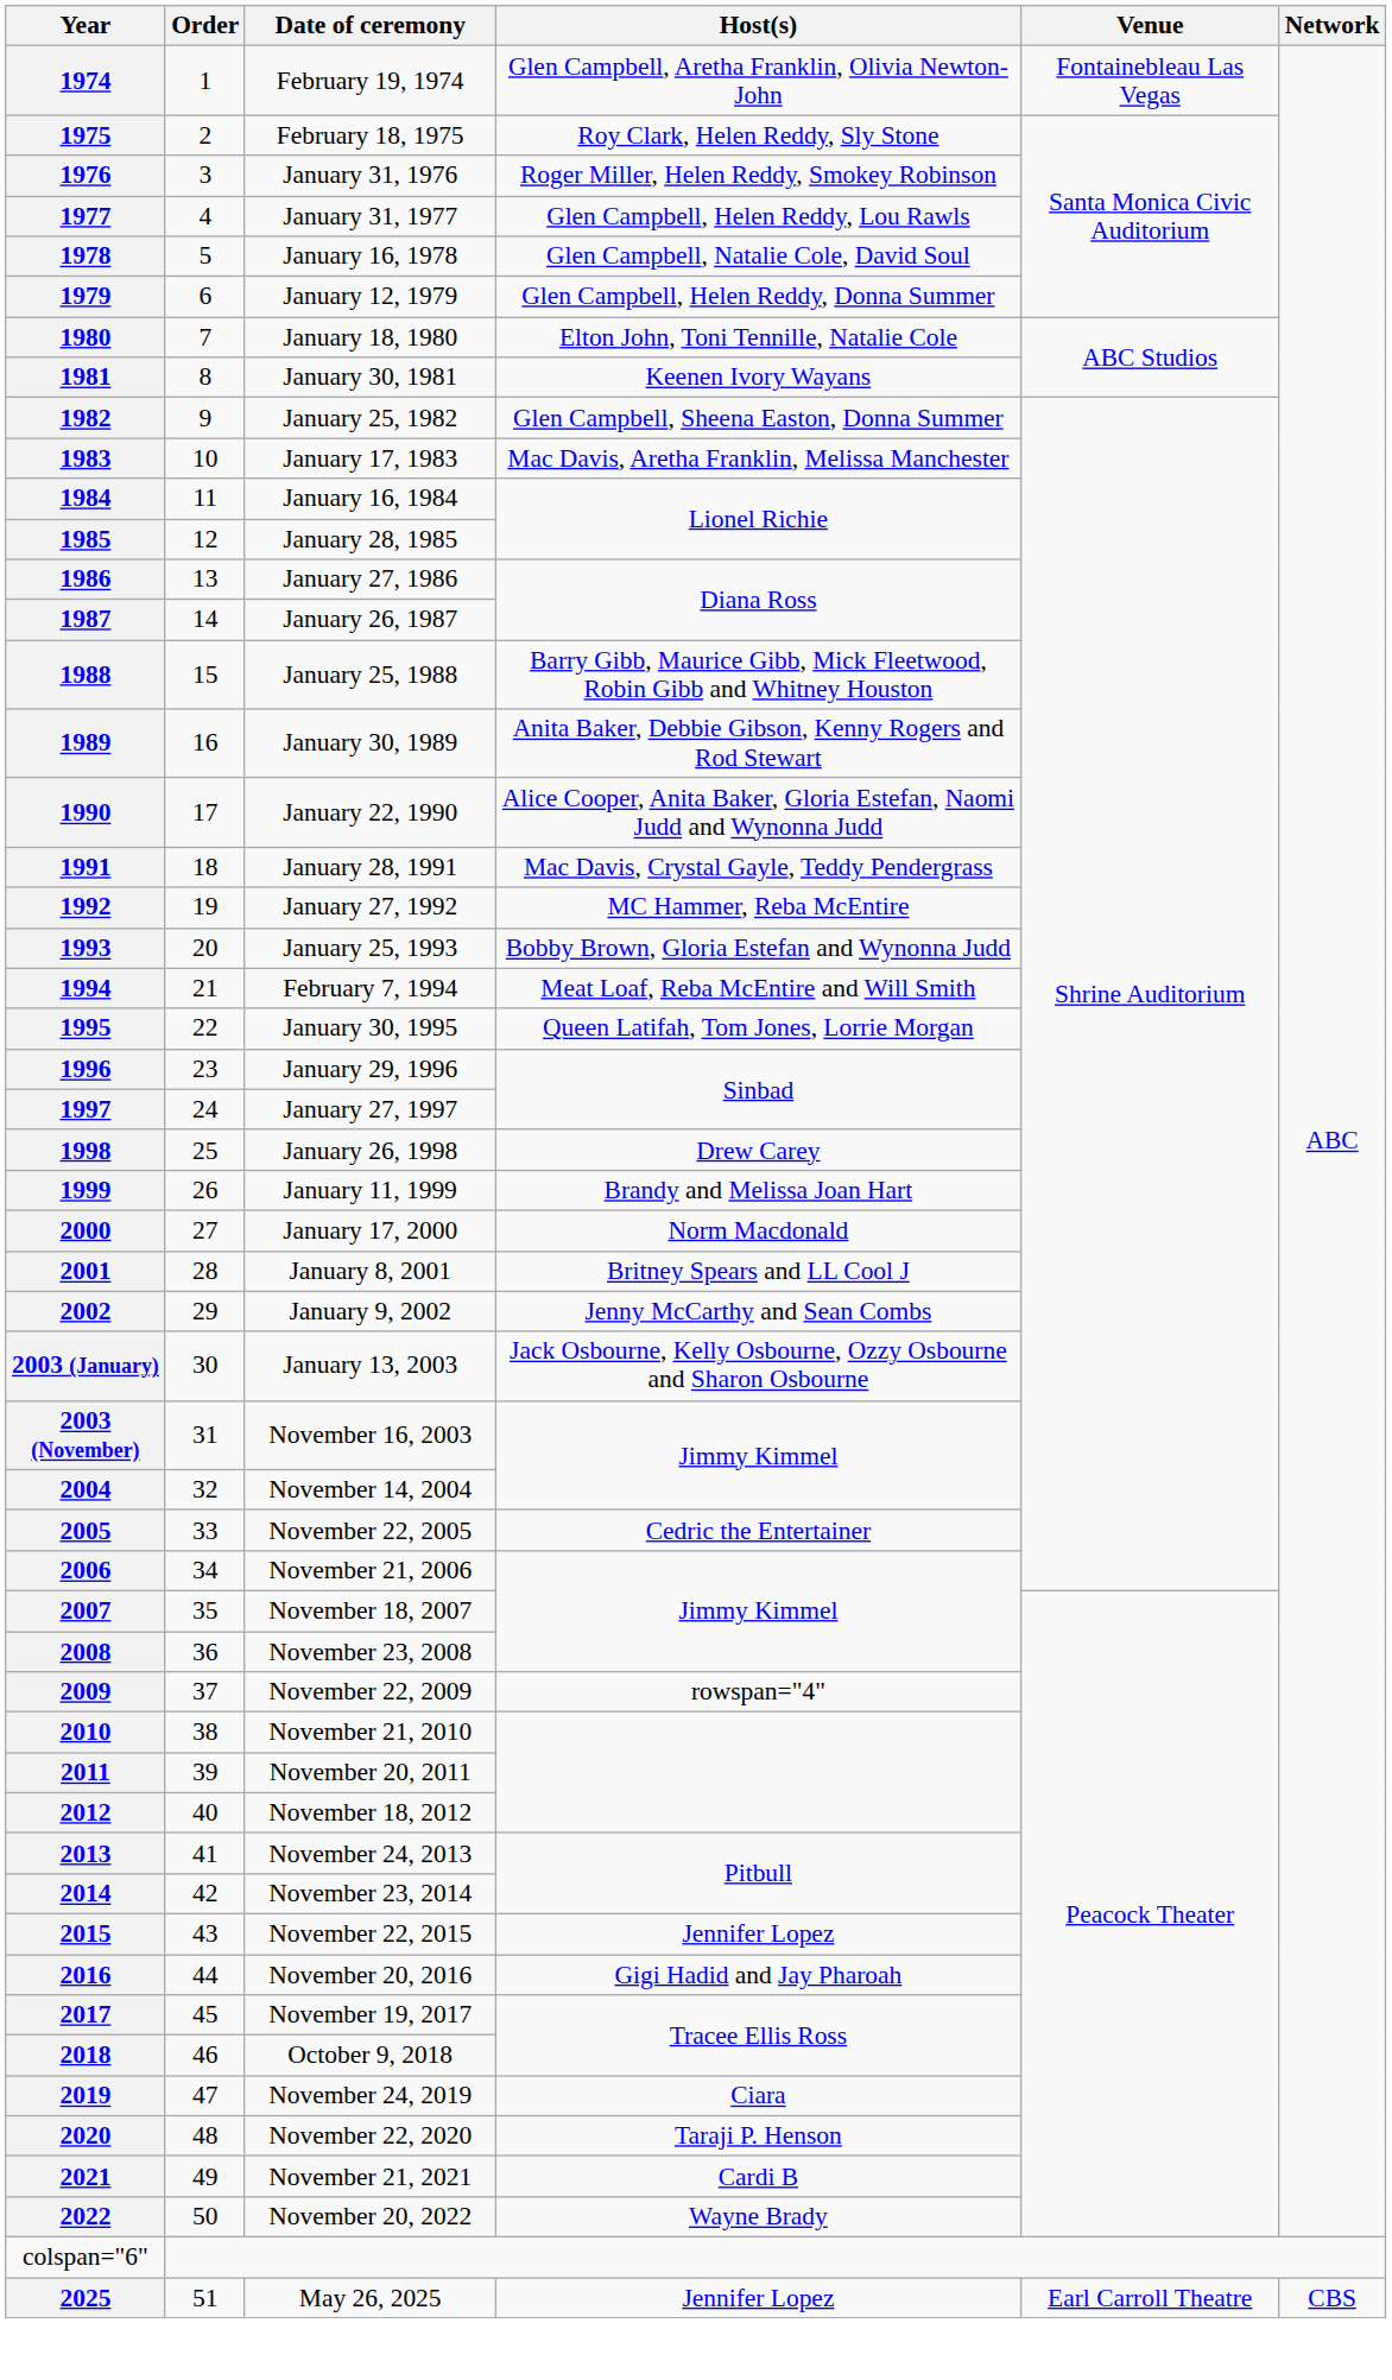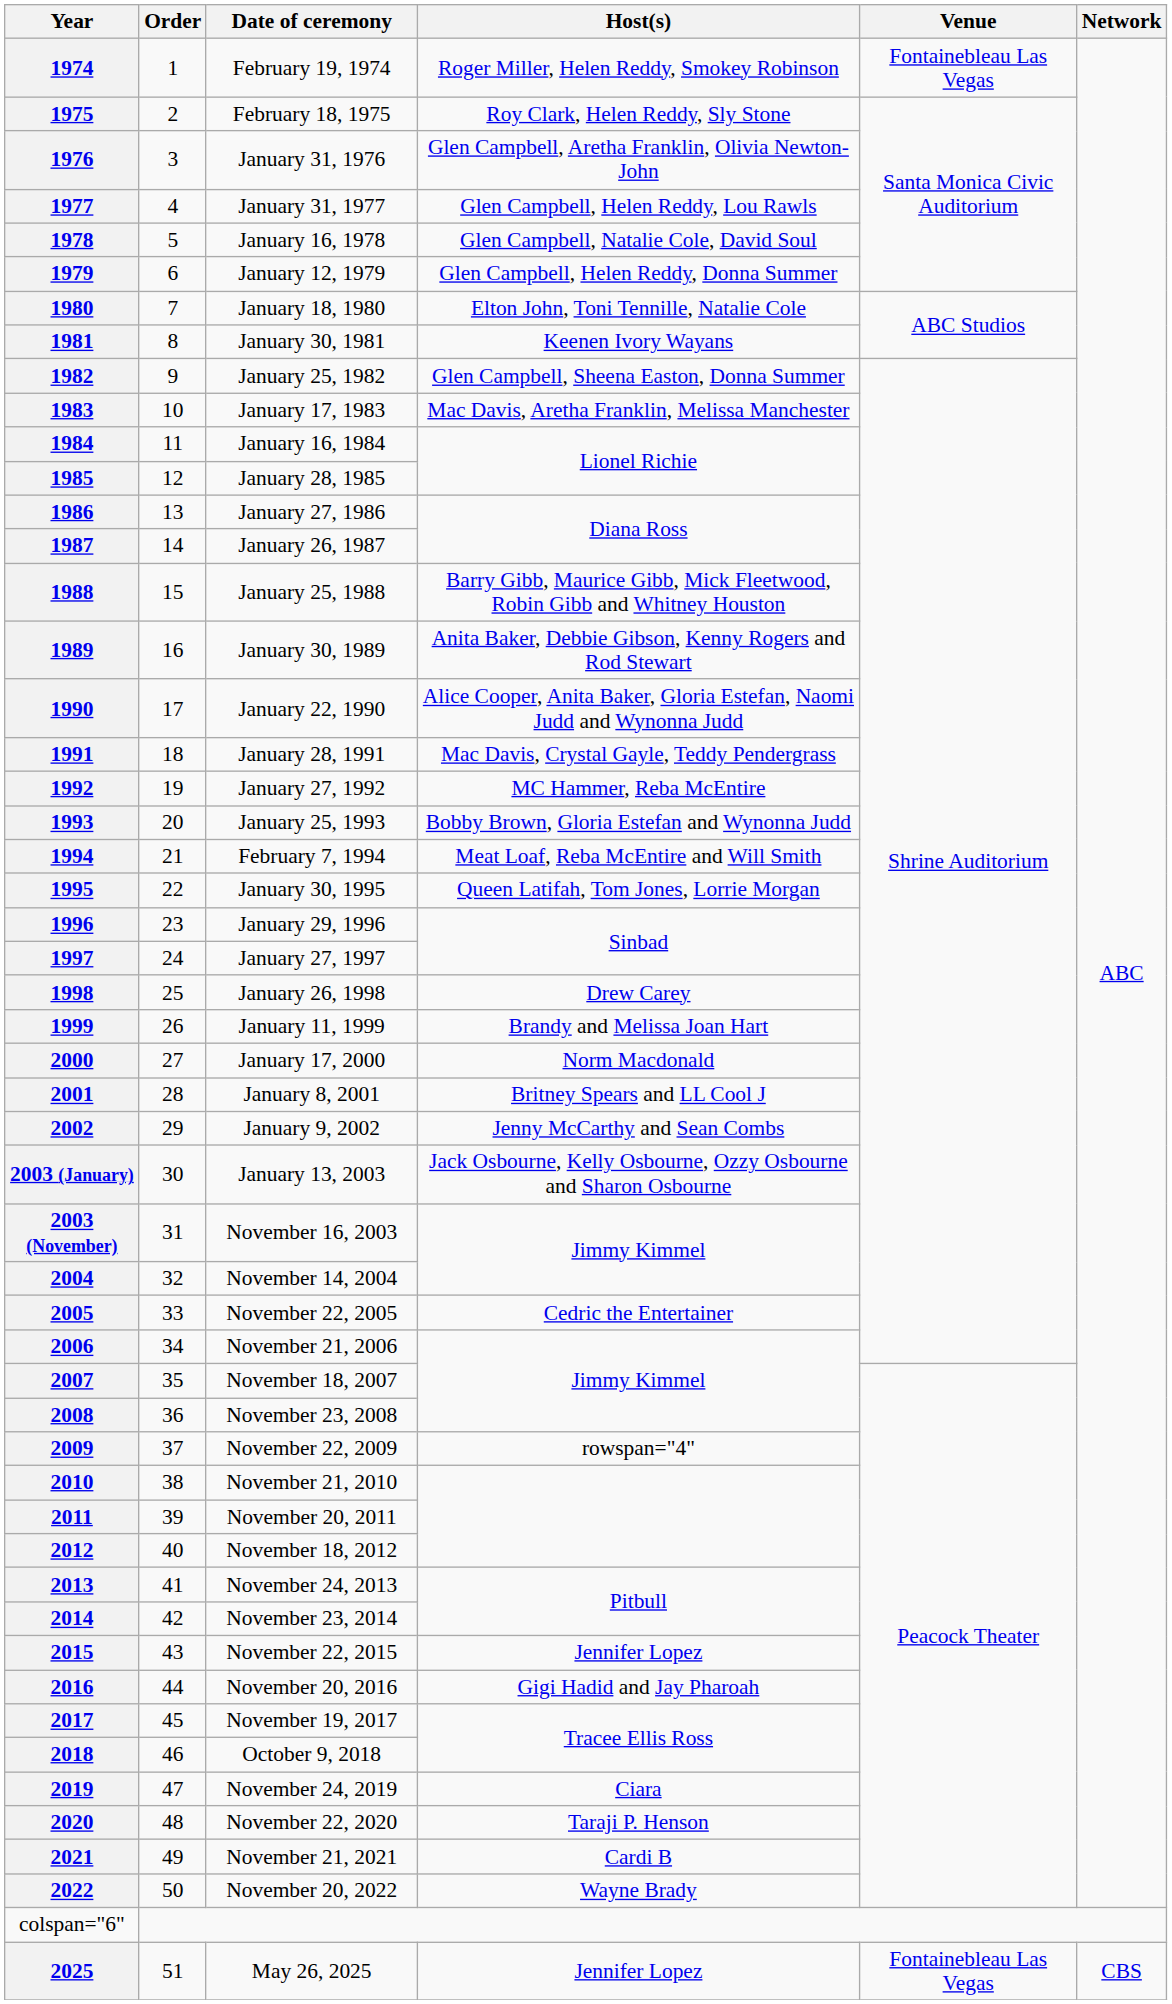 <table class="wikitable plainrowheaders" style="text-align:center">
 <tr>
 <th>Year</th>
 <th>Order</th>
 <th width="150">Date of ceremony</th>
 <th>Host(s)</th>
 <th>Venue</th>
 <th>Network</th>
 </tr>
 <tr>
 <th scope="row" style="text-align:center;"><a href='#'>1974</a></th>
 <td>1</td>
 <td>February 19, 1974</td>
-<td><a href='#'>Glen Campbell</a>, <a href='#'>Aretha Franklin</a>, <a href='#'>Olivia Newton-John</a></td>
+<td><a href='#'>Roger Miller</a>, <a href='#'>Helen Reddy</a>, <a href='#'>Smokey Robinson</a></td>
 <td><a href='#'>Fontainebleau Las Vegas</a></td>
 <td rowspan="50"><a href='#'>ABC</a></td>
 </tr>
 <tr>
 <th scope="row" style="text-align:center;"><a href='#'>1975</a></th>
 <td>2</td>
 <td>February 18, 1975</td>
 <td><a href='#'>Roy Clark</a>, <a href='#'>Helen Reddy</a>, <a href='#'>Sly Stone</a></td>
 <td rowspan="5"><a href='#'>Santa Monica Civic Auditorium</a></td>
 </tr>
 <tr>
 <th scope="row" style="text-align:center;"><a href='#'>1976</a></th>
 <td>3</td>
 <td>January 31, 1976</td>
-<td><a href='#'>Roger Miller</a>, <a href='#'>Helen Reddy</a>, <a href='#'>Smokey Robinson</a></td>
+<td><a href='#'>Glen Campbell</a>, <a href='#'>Aretha Franklin</a>, <a href='#'>Olivia Newton-John</a></td>
 </tr>
 <tr>
 <th scope="row" style="text-align:center;"><a href='#'>1977</a></th>
 <td>4</td>
 <td>January 31, 1977</td>
 <td><a href='#'>Glen Campbell</a>, <a href='#'>Helen Reddy</a>, <a href='#'>Lou Rawls</a></td>
 </tr>
 <tr>
 <th scope="row" style="text-align:center;"><a href='#'>1978</a></th>
 <td>5</td>
 <td>January 16, 1978</td>
 <td><a href='#'>Glen Campbell</a>, <a href='#'>Natalie Cole</a>, <a href='#'>David Soul</a></td>
 </tr>
 <tr>
 <th scope="row" style="text-align:center;"><a href='#'>1979</a></th>
 <td>6</td>
 <td>January 12, 1979</td>
 <td><a href='#'>Glen Campbell</a>, <a href='#'>Helen Reddy</a>, <a href='#'>Donna Summer</a></td>
 </tr>
 <tr>
 <th scope="row" style="text-align:center;"><a href='#'>1980</a></th>
 <td>7</td>
 <td>January 18, 1980</td>
 <td><a href='#'>Elton John</a>, <a href='#'>Toni Tennille</a>, <a href='#'>Natalie Cole</a></td>
 <td rowspan="2"><a href='#'>ABC Studios</a></td>
 </tr>
 <tr>
 <th scope="row" style="text-align:center;"><a href='#'>1981</a></th>
 <td>8</td>
 <td>January 30, 1981</td>
 <td><a href='#'>Keenen Ivory Wayans</a></td>
 </tr>
 <tr>
 <th scope="row" style="text-align:center;"><a href='#'>1982</a></th>
 <td>9</td>
 <td>January 25, 1982</td>
 <td><a href='#'>Glen Campbell</a>, <a href='#'>Sheena Easton</a>, <a href='#'>Donna Summer</a></td>
 <td rowspan="26"><a href='#'>Shrine Auditorium</a></td>
 </tr>
 <tr>
 <th scope="row" style="text-align:center;"><a href='#'>1983</a></th>
 <td>10</td>
 <td>January 17, 1983</td>
 <td><a href='#'>Mac Davis</a>, <a href='#'>Aretha Franklin</a>, <a href='#'>Melissa Manchester</a></td>
 </tr>
 <tr>
 <th scope="row" style="text-align:center;"><a href='#'>1984</a></th>
 <td>11</td>
 <td>January 16, 1984</td>
 <td rowspan="2"><a href='#'>Lionel Richie</a></td>
 </tr>
 <tr>
 <th scope="row" style="text-align:center;"><a href='#'>1985</a></th>
 <td>12</td>
 <td>January 28, 1985</td>
 </tr>
 <tr>
 <th scope="row" style="text-align:center;"><a href='#'>1986</a></th>
 <td>13</td>
 <td>January 27, 1986</td>
 <td rowspan="2"><a href='#'>Diana Ross</a></td>
 </tr>
 <tr>
 <th scope="row" style="text-align:center;"><a href='#'>1987</a></th>
 <td>14</td>
 <td>January 26, 1987</td>
 </tr>
 <tr>
 <th scope="row" style="text-align:center;"><a href='#'>1988</a></th>
 <td>15</td>
 <td>January 25, 1988</td>
 <td><a href='#'>Barry Gibb</a>, <a href='#'>Maurice Gibb</a>, <a href='#'>Mick Fleetwood</a>, <a href='#'>Robin Gibb</a> and <a href='#'>Whitney Houston</a></td>
 </tr>
 <tr>
 <th scope="row" style="text-align:center;"><a href='#'>1989</a></th>
 <td>16</td>
 <td>January 30, 1989</td>
 <td><a href='#'>Anita Baker</a>, <a href='#'>Debbie Gibson</a>, <a href='#'>Kenny Rogers</a> and <a href='#'>Rod Stewart</a></td>
 </tr>
 <tr>
 <th scope="row" style="text-align:center;"><a href='#'>1990</a></th>
 <td>17</td>
 <td>January 22, 1990</td>
 <td><a href='#'>Alice Cooper</a>, <a href='#'>Anita Baker</a>, <a href='#'>Gloria Estefan</a>, <a href='#'>Naomi Judd</a> and <a href='#'>Wynonna Judd</a></td>
 </tr>
 <tr>
 <th scope="row" style="text-align:center;"><a href='#'>1991</a></th>
 <td>18</td>
 <td>January 28, 1991</td>
 <td><a href='#'>Mac Davis</a>, <a href='#'>Crystal Gayle</a>, <a href='#'>Teddy Pendergrass</a></td>
 </tr>
 <tr>
 <th scope="row" style="text-align:center;"><a href='#'>1992</a></th>
 <td>19</td>
 <td>January 27, 1992</td>
 <td><a href='#'>MC Hammer</a>, <a href='#'>Reba McEntire</a></td>
 </tr>
 <tr>
 <th scope="row" style="text-align:center;"><a href='#'>1993</a></th>
 <td>20</td>
 <td>January 25, 1993</td>
 <td><a href='#'>Bobby Brown</a>, <a href='#'>Gloria Estefan</a> and <a href='#'>Wynonna Judd</a></td>
 </tr>
 <tr>
 <th scope="row" style="text-align:center;"><a href='#'>1994</a></th>
 <td>21</td>
 <td>February 7, 1994</td>
 <td><a href='#'>Meat Loaf</a>, <a href='#'>Reba McEntire</a> and <a href='#'>Will Smith</a></td>
 </tr>
 <tr>
 <th scope="row" style="text-align:center;"><a href='#'>1995</a></th>
 <td>22</td>
 <td>January 30, 1995</td>
 <td><a href='#'>Queen Latifah</a>, <a href='#'>Tom Jones</a>, <a href='#'>Lorrie Morgan</a></td>
 </tr>
 <tr>
 <th scope="row" style="text-align:center;"><a href='#'>1996</a></th>
 <td>23</td>
 <td>January 29, 1996</td>
 <td rowspan="2"><a href='#'>Sinbad</a></td>
 </tr>
 <tr>
 <th scope="row" style="text-align:center;"><a href='#'>1997</a></th>
 <td>24</td>
 <td>January 27, 1997</td>
 </tr>
 <tr>
 <th scope="row" style="text-align:center;"><a href='#'>1998</a></th>
 <td>25</td>
 <td>January 26, 1998</td>
 <td><a href='#'>Drew Carey</a></td>
 </tr>
 <tr>
 <th scope="row" style="text-align:center;"><a href='#'>1999</a></th>
 <td>26</td>
 <td>January 11, 1999</td>
 <td><a href='#'>Brandy</a> and <a href='#'>Melissa Joan Hart</a></td>
 </tr>
 <tr>
 <th scope="row" style="text-align:center;"><a href='#'>2000</a></th>
 <td>27</td>
 <td>January 17, 2000</td>
 <td><a href='#'>Norm Macdonald</a></td>
 </tr>
 <tr>
 <th scope="row" style="text-align:center;"><a href='#'>2001</a></th>
 <td>28</td>
 <td>January 8, 2001</td>
 <td><a href='#'>Britney Spears</a> and <a href='#'>LL Cool J</a></td>
 </tr>
 <tr>
 <th scope="row" style="text-align:center;"><a href='#'>2002</a></th>
 <td>29</td>
 <td>January 9, 2002</td>
 <td><a href='#'>Jenny McCarthy</a> and <a href='#'>Sean Combs</a></td>
 </tr>
 <tr>
 <th scope="row" style="text-align:center;"><a href='#'>2003 <small>(January)</small></a></th>
 <td>30</td>
 <td>January 13, 2003</td>
 <td><a href='#'>Jack Osbourne</a>, <a href='#'>Kelly Osbourne</a>, <a href='#'>Ozzy Osbourne</a> and <a href='#'>Sharon Osbourne</a></td>
 </tr>
 <tr>
 <th scope="row" style="text-align:center;"><a href='#'>2003 <small>(November)</small></a></th>
 <td>31</td>
 <td>November 16, 2003</td>
 <td rowspan="2"><a href='#'>Jimmy Kimmel</a></td>
 </tr>
 <tr>
 <th scope="row" style="text-align:center;"><a href='#'>2004</a></th>
 <td>32</td>
 <td>November 14, 2004</td>
 </tr>
 <tr>
 <th scope="row" style="text-align:center;"><a href='#'>2005</a></th>
 <td>33</td>
 <td>November 22, 2005</td>
 <td><a href='#'>Cedric the Entertainer</a></td>
 </tr>
 <tr>
 <th scope="row" style="text-align:center;"><a href='#'>2006</a></th>
 <td>34</td>
 <td>November 21, 2006</td>
 <td rowspan="3"><a href='#'>Jimmy Kimmel</a></td>
 </tr>
 <tr>
 <th scope="row" style="text-align:center;"><a href='#'>2007</a></th>
 <td>35</td>
 <td>November 18, 2007</td>
 <td rowspan="16"><a href='#'>Peacock Theater</a></td>
 </tr>
 <tr>
 <th scope="row" style="text-align:center;"><a href='#'>2008</a></th>
 <td>36</td>
 <td>November 23, 2008</td>
 </tr>
 <tr>
 <th scope="row" style="text-align:center;"><a href='#'>2009</a></th>
 <td>37</td>
 <td>November 22, 2009</td>
 <td>rowspan="4" </td>
 </tr>
 <tr>
 <th scope="row" style="text-align:center;"><a href='#'>2010</a></th>
 <td>38</td>
 <td>November 21, 2010</td>
 </tr>
 <tr>
 <th scope="row" style="text-align:center;"><a href='#'>2011</a></th>
 <td>39</td>
 <td>November 20, 2011</td>
 </tr>
 <tr>
 <th scope="row" style="text-align:center;"><a href='#'>2012</a></th>
 <td>40</td>
 <td>November 18, 2012</td>
 </tr>
 <tr>
 <th scope="row" style="text-align:center;"><a href='#'>2013</a></th>
 <td>41</td>
 <td>November 24, 2013</td>
 <td rowspan="2"><a href='#'>Pitbull</a></td>
 </tr>
 <tr>
 <th scope="row" style="text-align:center;"><a href='#'>2014</a></th>
 <td>42</td>
 <td>November 23, 2014</td>
 </tr>
 <tr>
 <th scope="row" style="text-align:center;"><a href='#'>2015</a></th>
 <td>43</td>
 <td>November 22, 2015</td>
 <td><a href='#'>Jennifer Lopez</a></td>
 </tr>
 <tr>
 <th scope="row" style="text-align:center;"><a href='#'>2016</a></th>
 <td>44</td>
 <td>November 20, 2016</td>
 <td><a href='#'>Gigi Hadid</a> and <a href='#'>Jay Pharoah</a></td>
 </tr>
 <tr>
 <th scope="row" style="text-align:center;"><a href='#'>2017</a></th>
 <td>45</td>
 <td>November 19, 2017</td>
 <td rowspan="2"><a href='#'>Tracee Ellis Ross</a></td>
 </tr>
 <tr>
 <th scope="row" style="text-align:center;"><a href='#'>2018</a></th>
 <td>46</td>
 <td>October 9, 2018</td>
 </tr>
 <tr>
 <th scope="row" style="text-align:center;"><a href='#'>2019</a></th>
 <td>47</td>
 <td>November 24, 2019</td>
 <td><a href='#'>Ciara</a></td>
 </tr>
 <tr>
 <th scope="row" style="text-align:center;"><a href='#'>2020</a></th>
 <td>48</td>
 <td>November 22, 2020</td>
 <td><a href='#'>Taraji P. Henson</a></td>
 </tr>
 <tr>
 <th scope="row" style="text-align:center;"><a href='#'>2021</a></th>
 <td>49</td>
 <td>November 21, 2021</td>
 <td><a href='#'>Cardi B</a></td>
 </tr>
 <tr>
 <th scope="row" style="text-align:center;"><a href='#'>2022</a></th>
 <td>50</td>
 <td>November 20, 2022</td>
 <td><a href='#'>Wayne Brady</a></td>
 </tr>
 <tr>
 <td>colspan="6" </td>
 </tr>
 <tr>
 <th scope="row" style="text-align:center;"><a href='#'>2025</a></th>
 <td>51</td>
 <td>May 26, 2025</td>
 <td><a href='#'>Jennifer Lopez</a></td>
-<td><a href='#'>Earl Carroll Theatre</a></td>
+<td><a href='#'>Fontainebleau Las Vegas</a></td>
 <td><a href='#'>CBS</a></td>
 </tr>
 </table>
